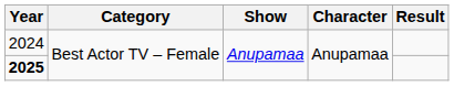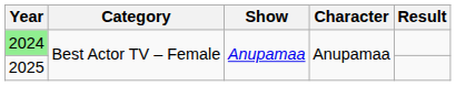 <table class="wikitable sortable">
 <tr>
 <th>Year</th>
 <th>Category</th>
 <th>Show</th>
 <th>Character</th>
 <th>Result</th>
 </tr>
 <tr>
-<td>2024</td>
+<td style="background: lightgreen;">2024</td>
 <td rowspan="2">Best Actor TV – Female</td>
 <td rowspan="2"><em><a href='#'>Anupamaa</a></em></td>
 <td rowspan="2">Anupamaa</td>
 <td></td>
 </tr>
 <tr>
-<td><strong>2025</strong></td>
+<td>2025</td>
 <td></td>
 </tr>
 </table>
